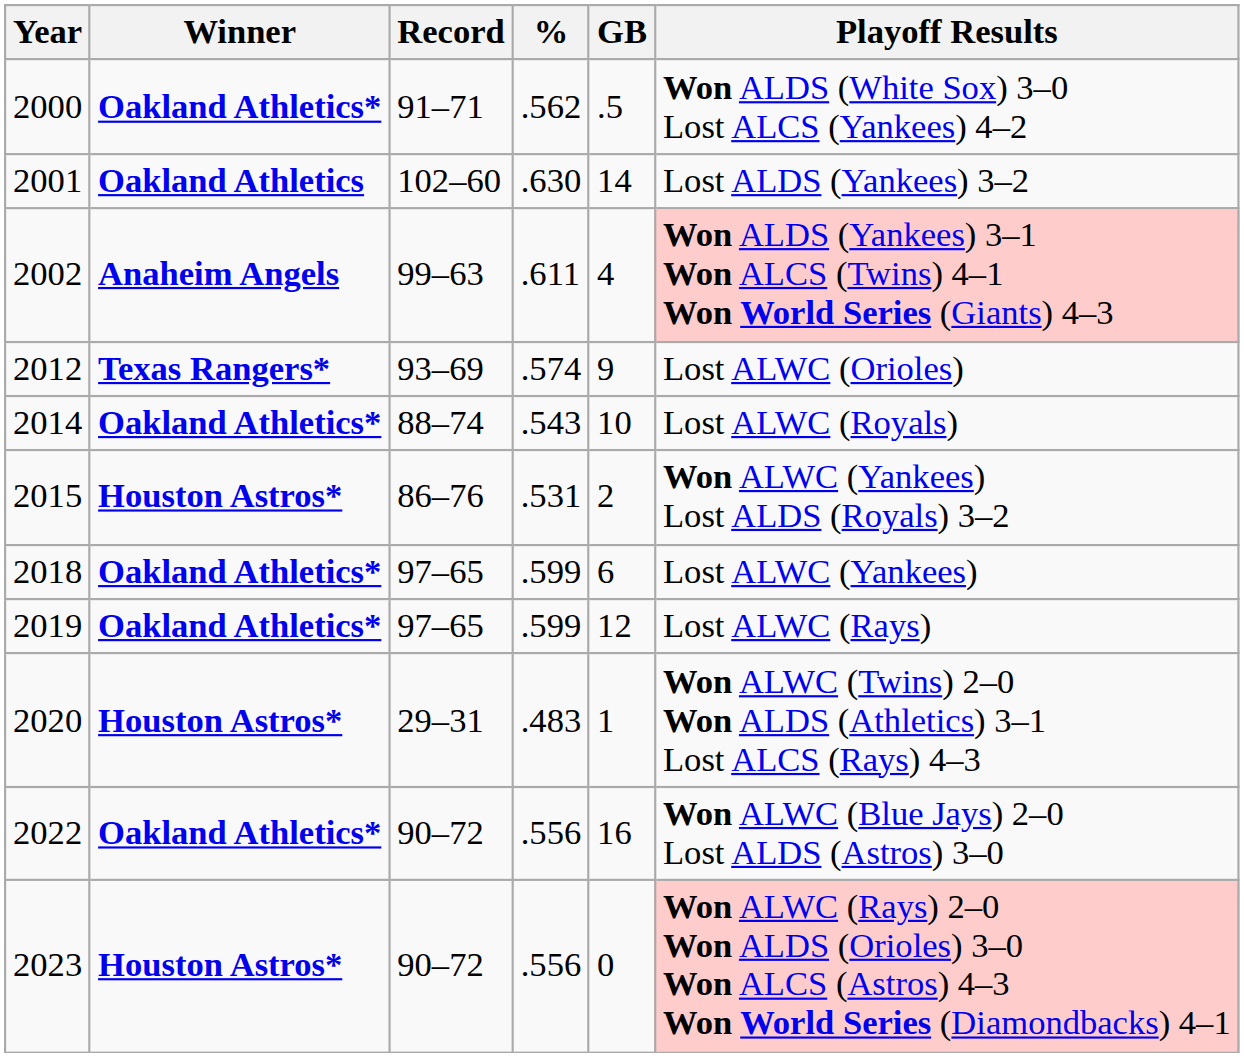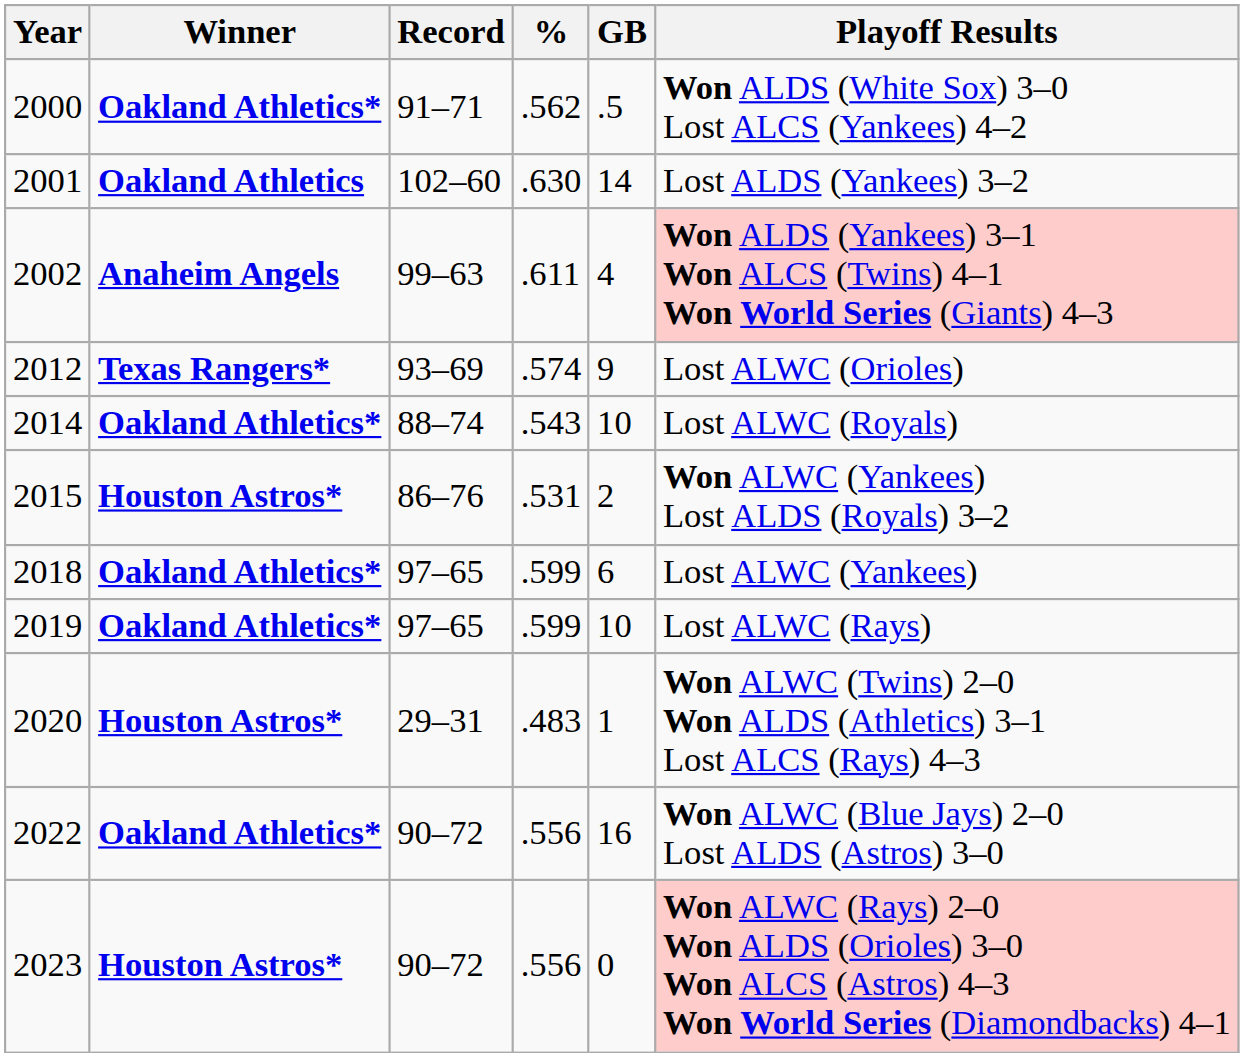 <table class="wikitable">
 <tr>
 <th>Year</th>
 <th>Winner</th>
 <th>Record</th>
 <th>%</th>
 <th>GB</th>
 <th>Playoff Results</th>
 </tr>
 <tr>
 <td>2000</td>
 <td><strong><a href='#'><span>Oakland Athletics*</span></a></strong></td>
 <td>91–71</td>
 <td>.562</td>
 <td>.5</td>
 <td><strong>Won</strong> <a href='#'>ALDS</a> (<a href='#'>White Sox</a>) 3–0<br>Lost <a href='#'>ALCS</a> (<a href='#'>Yankees</a>) 4–2</td>
 </tr>
 <tr>
 <td>2001</td>
 <td><strong><a href='#'><span>Oakland Athletics</span></a></strong></td>
 <td>102–60</td>
 <td>.630</td>
 <td>14</td>
 <td>Lost <a href='#'>ALDS</a> (<a href='#'>Yankees</a>) 3–2</td>
 </tr>
 <tr>
 <td>2002</td>
 <td><strong><a href='#'><span>Anaheim Angels</span></a></strong></td>
 <td>99–63</td>
 <td>.611</td>
 <td>4</td>
 <td bgcolor="#ffcccc"><strong>Won</strong> <a href='#'>ALDS</a> (<a href='#'>Yankees</a>) 3–1<br><strong>Won</strong> <a href='#'>ALCS</a> (<a href='#'>Twins</a>) 4–1<br><strong>Won <a href='#'>World Series</a></strong> (<a href='#'>Giants</a>) 4–3</td>
 </tr>
 <tr>
 <td>2012</td>
 <td><strong><a href='#'><span>Texas Rangers*</span></a></strong></td>
 <td>93–69</td>
 <td>.574</td>
 <td>9</td>
 <td>Lost <a href='#'>ALWC</a> (<a href='#'>Orioles</a>)</td>
 </tr>
 <tr>
 <td>2014</td>
 <td><strong><a href='#'><span>Oakland Athletics*</span></a></strong></td>
 <td>88–74</td>
 <td>.543</td>
 <td>10</td>
 <td>Lost <a href='#'>ALWC</a> (<a href='#'>Royals</a>)</td>
 </tr>
 <tr>
 <td>2015</td>
 <td><strong><a href='#'><span>Houston Astros*</span></a></strong></td>
 <td>86–76</td>
 <td>.531</td>
 <td>2</td>
 <td><strong>Won</strong> <a href='#'>ALWC</a> (<a href='#'>Yankees</a>)<br>Lost <a href='#'>ALDS</a> (<a href='#'>Royals</a>) 3–2</td>
 </tr>
 <tr>
 <td>2018</td>
 <td><strong><a href='#'><span>Oakland Athletics*</span></a></strong></td>
 <td>97–65</td>
 <td>.599</td>
 <td>6</td>
 <td>Lost <a href='#'>ALWC</a> (<a href='#'>Yankees</a>)</td>
 </tr>
 <tr>
 <td>2019</td>
 <td><strong><a href='#'><span>Oakland Athletics*</span></a></strong></td>
 <td>97–65</td>
 <td>.599</td>
-<td>12</td>
+<td>10</td>
 <td>Lost <a href='#'>ALWC</a> (<a href='#'>Rays</a>)</td>
 </tr>
 <tr>
 <td>2020</td>
 <td><strong><a href='#'><span>Houston Astros*</span></a></strong></td>
 <td>29–31</td>
 <td>.483</td>
 <td>1</td>
 <td><strong>Won</strong> <a href='#'>ALWC</a> (<a href='#'>Twins</a>) 2–0<br><strong>Won</strong> <a href='#'>ALDS</a> (<a href='#'>Athletics</a>) 3–1<br>Lost <a href='#'>ALCS</a> (<a href='#'>Rays</a>) 4–3</td>
 </tr>
 <tr>
 <td>2022</td>
 <td><strong><a href='#'><span>Oakland Athletics*</span></a></strong></td>
 <td>90–72</td>
 <td>.556</td>
 <td>16</td>
 <td><strong>Won</strong> <a href='#'>ALWC</a> (<a href='#'>Blue Jays</a>) 2–0<br>Lost <a href='#'>ALDS</a> (<a href='#'>Astros</a>) 3–0</td>
 </tr>
 <tr>
 <td>2023</td>
 <td><strong><a href='#'><span>Houston Astros*</span></a></strong></td>
 <td>90–72</td>
 <td>.556</td>
 <td>0</td>
 <td bgcolor="#ffcccc"><strong>Won</strong> <a href='#'>ALWC</a> (<a href='#'>Rays</a>) 2–0<br><strong>Won</strong> <a href='#'>ALDS</a> (<a href='#'>Orioles</a>) 3–0<br><strong>Won</strong> <a href='#'>ALCS</a> (<a href='#'>Astros</a>) 4–3<br><strong>Won <a href='#'>World Series</a></strong> (<a href='#'>Diamondbacks</a>) 4–1</td>
 </tr>
 </table>
